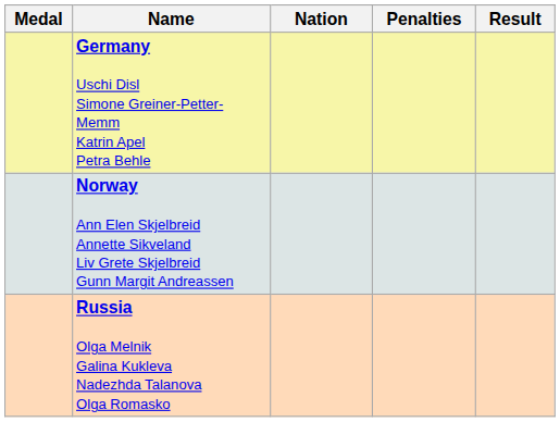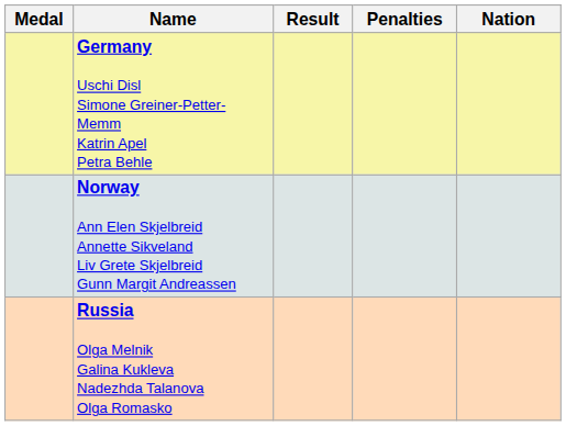 <table class=wikitable style="border:1px solid #AAAAAA;font-size:90%">
 <tr bgcolor="#E4E4E4">
 <th style="border-bottom:1px solid #AAAAAA" width=50>Medal</th>
 <th style="border-bottom:1px solid #AAAAAA" width=160>Name</th>
+<th style="border-bottom:1px solid #AAAAAA" width=60>Result</th>
+<th style="border-bottom:1px solid #AAAAAA" width=80>Penalties</th>
 <th style="border-bottom:1px solid #AAAAAA" width=80>Nation</th>
-<th style="border-bottom:1px solid #AAAAAA" width=80>Penalties</th>
-<th style="border-bottom:1px solid #AAAAAA" width=60>Result</th>
 </tr>
 <tr bgcolor="#F7F6A8">
 <td align="center"></td>
 <td><strong><a href='#'>Germany</a></strong><br><br><small><a href='#'>Uschi Disl</a><br><a href='#'>Simone Greiner-Petter-Memm</a><br><a href='#'>Katrin Apel</a><br><a href='#'>Petra Behle</a></small></td>
-<td></td>
 <td align="center"></td>
 <td align="center"></td>
+<td></td>
 </tr>
 <tr bgcolor="#DCE5E5">
 <td align="center"></td>
 <td><strong><a href='#'>Norway</a></strong><br><br><small><a href='#'>Ann Elen Skjelbreid</a><br><a href='#'>Annette Sikveland</a><br><a href='#'>Liv Grete Skjelbreid</a><br><a href='#'>Gunn Margit Andreassen</a></small></td>
+<td align="right"></td>
+<td align="center"></td>
 <td></td>
-<td align="center"></td>
-<td align="right"></td>
 </tr>
 <tr bgcolor="#FFDAB9">
 <td align="center"></td>
 <td><strong><a href='#'>Russia</a></strong><br><br><small><a href='#'>Olga Melnik</a><br><a href='#'>Galina Kukleva</a><br><a href='#'>Nadezhda Talanova</a><br><a href='#'>Olga Romasko</a></small></td>
+<td align="right"></td>
+<td align="center"></td>
 <td></td>
-<td align="center"></td>
-<td align="right"></td>
 </tr>
 </table>
